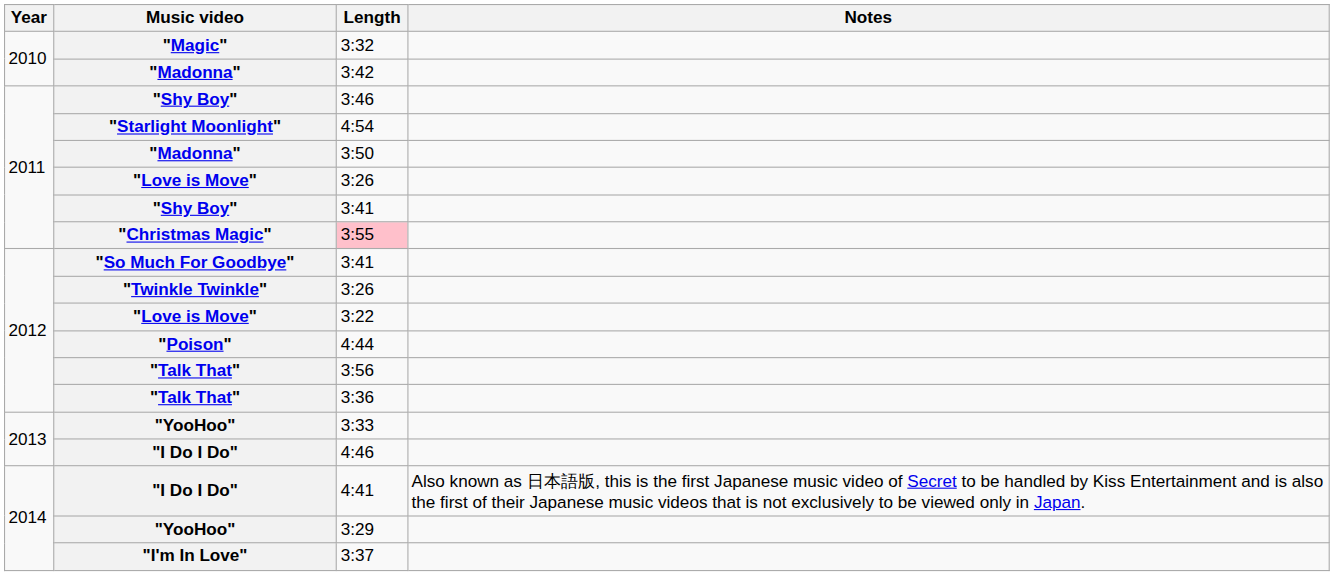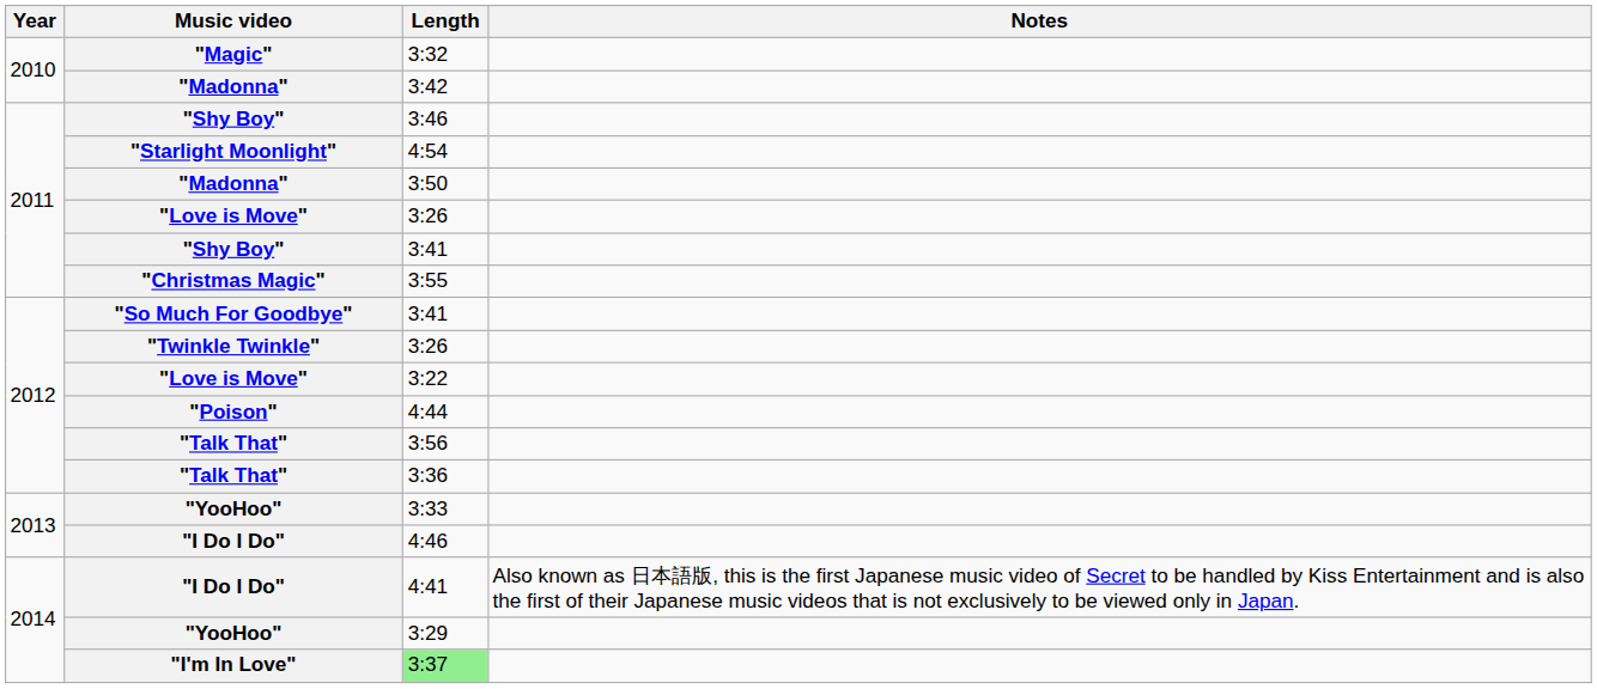 <table class="wikitable plainrowheaders" width=98%>
 <tr>
 <th scope="col" width=3%>Year</th>
 <th scope="col" width=20%>Music video</th>
 <th scope="col" width=5%>Length</th>
 <th scope="col" width=65%>Notes</th>
 </tr>
 <tr>
 <td rowspan="2">2010</td>
 <th scope="row">"<a href='#'>Magic</a>"</th>
 <td>3:32</td>
 <td></td>
 </tr>
 <tr>
 <th scope="row">"<a href='#'>Madonna</a>"</th>
 <td>3:42</td>
 <td></td>
 </tr>
 <tr>
 <td rowspan="6">2011</td>
 <th scope="row">"<a href='#'>Shy Boy</a>"</th>
 <td>3:46</td>
 <td></td>
 </tr>
 <tr>
 <th scope="row">"<a href='#'>Starlight Moonlight</a>"</th>
 <td>4:54</td>
 <td></td>
 </tr>
 <tr>
 <th scope="row">"<a href='#'>Madonna</a>" </th>
 <td>3:50</td>
 <td></td>
 </tr>
 <tr>
 <th scope="row">"<a href='#'>Love is Move</a>"</th>
 <td>3:26</td>
 <td></td>
 </tr>
 <tr>
 <th scope="row">"<a href='#'>Shy Boy</a>"  </th>
 <td>3:41</td>
 <td></td>
 </tr>
 <tr>
 <th scope="row">"<a href='#'>Christmas Magic</a>" </th>
-<td style="background: pink;">3:55</td>
+<td>3:55</td>
 <td></td>
 </tr>
 <tr>
 <td rowspan="6">2012</td>
 <th scope="row">"<a href='#'>So Much For Goodbye</a>"</th>
 <td>3:41</td>
 <td></td>
 </tr>
 <tr>
 <th scope="row">"<a href='#'>Twinkle Twinkle</a>"</th>
 <td>3:26</td>
 <td></td>
 </tr>
 <tr>
 <th scope="row">"<a href='#'>Love is Move</a>"  </th>
 <td>3:22</td>
 <td></td>
 </tr>
 <tr>
 <th scope="row">"<a href='#'>Poison</a>"</th>
 <td>4:44</td>
 <td></td>
 </tr>
 <tr>
 <th scope="row">"<a href='#'>Talk That</a>"</th>
 <td>3:56</td>
 <td></td>
 </tr>
 <tr>
 <th scope="row">"<a href='#'>Talk That</a>"  </th>
 <td>3:36</td>
 <td></td>
 </tr>
 <tr>
 <td rowspan="2">2013</td>
 <th scope="row">"YooHoo"</th>
 <td>3:33</td>
 <td></td>
 </tr>
 <tr>
 <th scope="row">"I Do I Do"</th>
 <td>4:46</td>
 <td></td>
 </tr>
 <tr>
 <td rowspan="3">2014</td>
 <th scope="row">"I Do I Do" </th>
 <td>4:41</td>
 <td>Also known as 日本語版, this is the first Japanese music video of <a href='#'>Secret</a> to be handled by Kiss Entertainment and is also the first of their Japanese music videos that is not exclusively to be viewed only in <a href='#'>Japan</a>.</td>
 </tr>
 <tr>
 <th scope="row">"YooHoo" </th>
 <td>3:29</td>
 <td></td>
 </tr>
 <tr>
 <th scope="row">"I'm In Love"</th>
-<td>3:37</td>
+<td style="background: lightgreen;">3:37</td>
 <td></td>
 </tr>
 </table>
